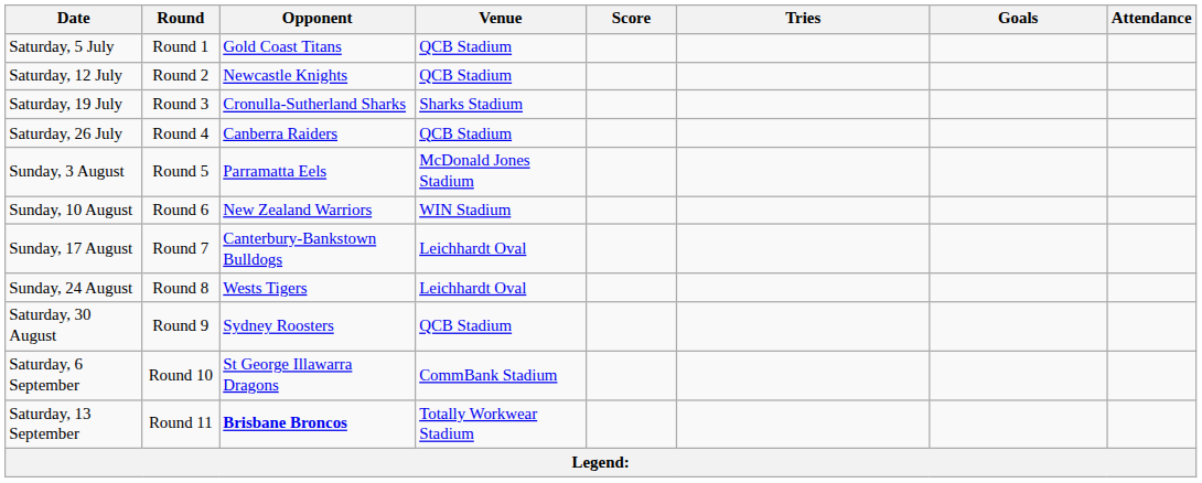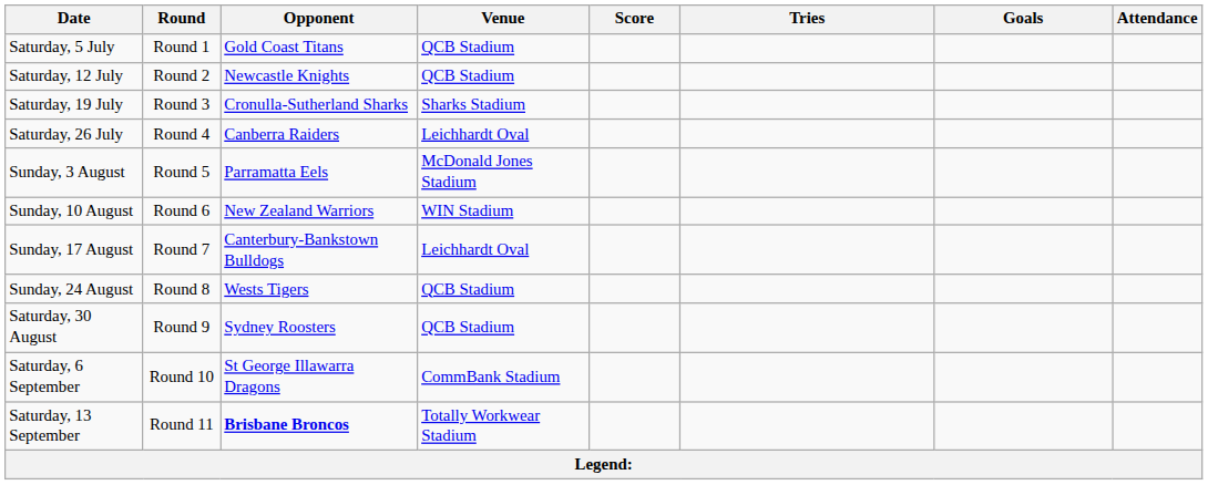 <table class="wikitable" style="font-size:75%;">
 <tr>
 <th style="width:120px;">Date</th>
 <th style="width:60px;">Round</th>
 <th style="width:185px;">Opponent</th>
 <th style="width:155px;">Venue</th>
 <th style="width:80px;">Score</th>
 <th style="width:270px;">Tries</th>
 <th style="width:180px;">Goals</th>
 <th style="width:60px;">Attendance</th>
 </tr>
 <tr style="background:">
 <td>Saturday, 5 July</td>
 <td style="text-align:center;">Round 1</td>
 <td> <a href='#'>Gold Coast Titans</a></td>
 <td><a href='#'>QCB Stadium</a></td>
 <td style="text-align:center;"></td>
 <td></td>
 <td></td>
 <td style="text-align:center;"></td>
 </tr>
 <tr style="background:">
 <td>Saturday, 12 July</td>
 <td style="text-align:center;">Round 2</td>
 <td> <a href='#'>Newcastle Knights</a></td>
 <td><a href='#'>QCB Stadium</a></td>
 <td style="text-align:center;"></td>
 <td></td>
 <td></td>
 <td style="text-align:center;"></td>
 </tr>
 <tr style="background:">
 <td>Saturday, 19 July</td>
 <td style="text-align:center;">Round 3</td>
 <td> <a href='#'>Cronulla-Sutherland Sharks</a></td>
 <td><a href='#'>Sharks Stadium</a></td>
 <td style="text-align:center;"></td>
 <td></td>
 <td></td>
 <td style="text-align:center;"></td>
 </tr>
 <tr style="background:">
 <td>Saturday, 26 July</td>
 <td style="text-align:center;">Round 4</td>
 <td> <a href='#'>Canberra Raiders</a></td>
-<td><a href='#'>QCB Stadium</a></td>
+<td><a href='#'>Leichhardt Oval</a></td>
 <td style="text-align:center;"></td>
 <td></td>
 <td></td>
 <td style="text-align:center;"></td>
 </tr>
 <tr style="background:">
 <td>Sunday, 3 August</td>
 <td style="text-align:center;">Round 5</td>
 <td> <a href='#'>Parramatta Eels</a></td>
 <td><a href='#'>McDonald Jones Stadium</a></td>
 <td style="text-align:center;"></td>
 <td></td>
 <td></td>
 <td style="text-align:center;"></td>
 </tr>
 <tr style="background:">
 <td>Sunday, 10 August</td>
 <td style="text-align:center;">Round 6</td>
 <td> <a href='#'>New Zealand Warriors</a></td>
 <td><a href='#'>WIN Stadium</a></td>
 <td style="text-align:center;"></td>
 <td></td>
 <td></td>
 <td style="text-align:center;"></td>
 </tr>
 <tr style="background:">
 <td>Sunday, 17 August</td>
 <td style="text-align:center;">Round 7</td>
 <td> <a href='#'>Canterbury-Bankstown Bulldogs</a></td>
 <td><a href='#'>Leichhardt Oval</a></td>
 <td style="text-align:center;"></td>
 <td></td>
 <td></td>
 <td style="text-align:center;"></td>
 </tr>
 <tr style="background:">
 <td>Sunday, 24 August</td>
 <td style="text-align:center;">Round 8</td>
 <td> <a href='#'>Wests Tigers</a></td>
-<td><a href='#'>Leichhardt Oval</a></td>
+<td><a href='#'>QCB Stadium</a></td>
 <td style="text-align:center;"></td>
 <td></td>
 <td></td>
 <td style="text-align:center;"></td>
 </tr>
 <tr style="background:">
 <td>Saturday, 30 August</td>
 <td style="text-align:center;">Round 9</td>
 <td> <a href='#'>Sydney Roosters</a></td>
 <td><a href='#'>QCB Stadium</a></td>
 <td style="text-align:center;"></td>
 <td></td>
 <td></td>
 <td style="text-align:center;"></td>
 </tr>
 <tr style="background:">
 <td>Saturday, 6 September</td>
 <td style="text-align:center;">Round 10</td>
 <td> <a href='#'>St George Illawarra Dragons</a></td>
 <td><a href='#'>CommBank Stadium</a></td>
 <td style="text-align:center;"></td>
 <td></td>
 <td></td>
 <td style="text-align:center;"></td>
 </tr>
 <tr style="background:">
 <td>Saturday, 13 September</td>
 <td style="text-align:center;">Round 11</td>
 <td><strong> <a href='#'>Brisbane Broncos</a></strong></td>
 <td><a href='#'>Totally Workwear Stadium</a></td>
 <td style="text-align:center;"></td>
 <td></td>
 <td></td>
 <td style="text-align:center;"></td>
 </tr>
 <tr>
 <th colspan="11"><strong>Legend</strong>:    </th>
 </tr>
 </table>
